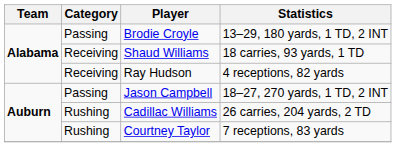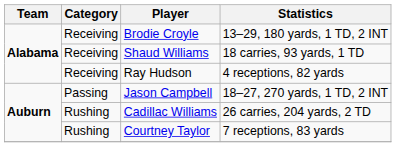 <table class="wikitable" style="float: right;">
 <tr>
 <th>Team</th>
 <th>Category</th>
 <th>Player</th>
 <th>Statistics</th>
 </tr>
 <tr>
 <td rowspan=3><strong>Alabama</strong></td>
-<td>Passing</td>
+<td>Receiving</td>
 <td><a href='#'>Brodie Croyle</a></td>
 <td>13–29, 180 yards, 1 TD, 2 INT</td>
 </tr>
 <tr>
 <td>Receiving</td>
 <td><a href='#'>Shaud Williams</a></td>
 <td>18 carries, 93 yards, 1 TD</td>
 </tr>
 <tr>
 <td>Receiving</td>
 <td>Ray Hudson</td>
 <td>4 receptions, 82 yards</td>
 </tr>
 <tr>
 <td rowspan=3><strong>Auburn</strong></td>
 <td>Passing</td>
 <td><a href='#'>Jason Campbell</a></td>
 <td>18–27, 270 yards, 1 TD, 2 INT</td>
 </tr>
 <tr>
 <td>Rushing</td>
 <td><a href='#'>Cadillac Williams</a></td>
 <td>26 carries, 204 yards, 2 TD</td>
 </tr>
 <tr>
 <td>Rushing</td>
 <td><a href='#'>Courtney Taylor</a></td>
 <td>7 receptions, 83 yards</td>
 </tr>
 <tr>
 </tr>
 </table>
